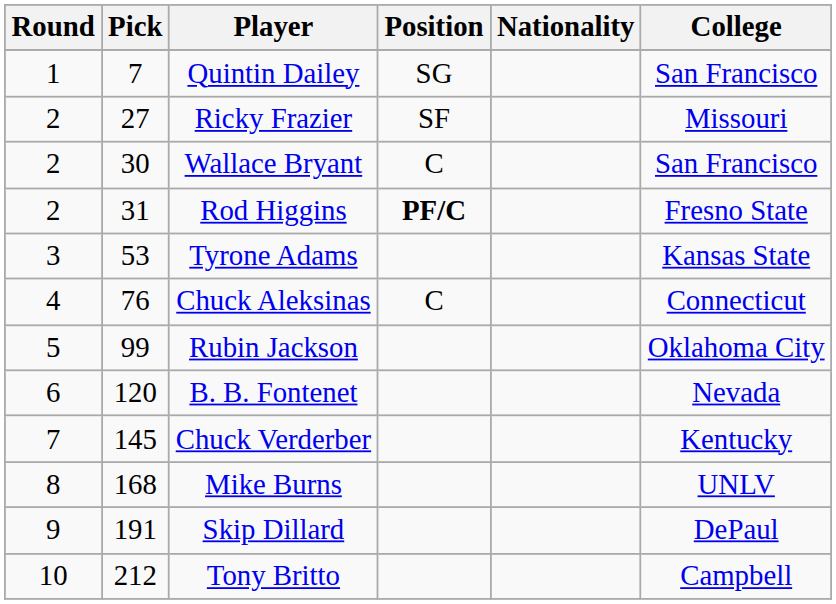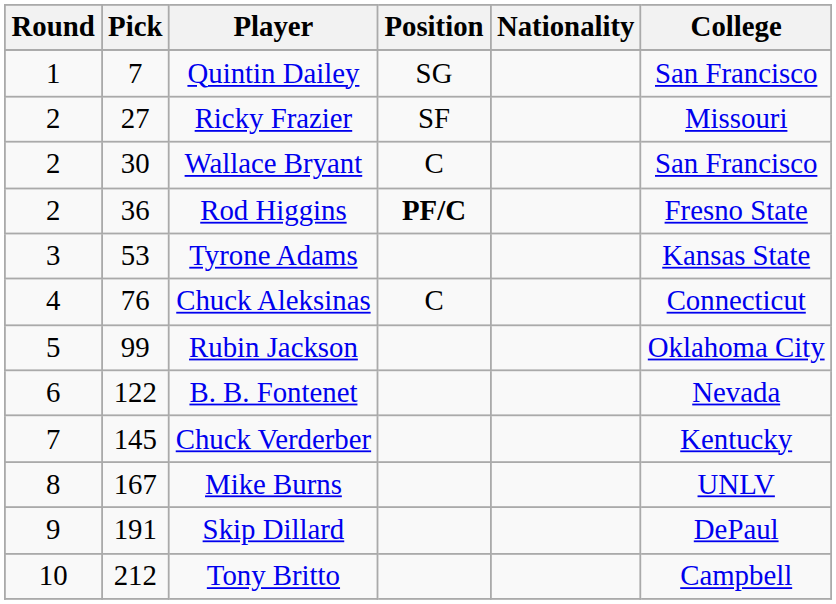 <table class="wikitable sortable sortable">
 <tr>
 <th>Round</th>
 <th>Pick</th>
 <th>Player</th>
 <th>Position</th>
 <th>Nationality</th>
 <th>College</th>
 </tr>
 <tr style="text-align: center">
 </tr>
 <tr style="text-align: center">
 <td>1</td>
 <td>7</td>
 <td><a href='#'>Quintin Dailey</a></td>
 <td>SG</td>
 <td></td>
 <td><a href='#'>San Francisco</a></td>
 </tr>
 <tr style="text-align: center">
 <td>2</td>
 <td>27</td>
 <td><a href='#'>Ricky Frazier</a></td>
 <td>SF</td>
 <td></td>
 <td><a href='#'>Missouri</a></td>
 </tr>
 <tr style="text-align: center">
 <td>2</td>
 <td>30</td>
 <td><a href='#'>Wallace Bryant</a></td>
 <td>C</td>
 <td></td>
 <td><a href='#'>San Francisco</a></td>
 </tr>
 <tr style="text-align: center">
 <td>2</td>
-<td>31</td>
+<td>36</td>
 <td><a href='#'>Rod Higgins</a></td>
 <td><strong>PF/C</strong></td>
 <td></td>
 <td><a href='#'>Fresno State</a></td>
 </tr>
 <tr style="text-align: center">
 <td>3</td>
 <td>53</td>
 <td><a href='#'>Tyrone Adams</a></td>
 <td></td>
 <td></td>
 <td><a href='#'>Kansas State</a></td>
 </tr>
 <tr style="text-align: center">
 <td>4</td>
 <td>76</td>
 <td><a href='#'>Chuck Aleksinas</a></td>
 <td>C</td>
 <td></td>
 <td><a href='#'>Connecticut</a></td>
 </tr>
 <tr style="text-align: center">
 <td>5</td>
 <td>99</td>
 <td><a href='#'>Rubin Jackson</a></td>
 <td></td>
 <td></td>
 <td><a href='#'>Oklahoma City</a></td>
 </tr>
 <tr style="text-align: center">
 <td>6</td>
-<td>120</td>
+<td>122</td>
 <td><a href='#'>B. B. Fontenet</a></td>
 <td></td>
 <td></td>
 <td><a href='#'>Nevada</a></td>
 </tr>
 <tr style="text-align: center">
 <td>7</td>
 <td>145</td>
 <td><a href='#'>Chuck Verderber</a></td>
 <td></td>
 <td></td>
 <td><a href='#'>Kentucky</a></td>
 </tr>
 <tr style="text-align: center">
 <td>8</td>
-<td>168</td>
+<td>167</td>
 <td><a href='#'>Mike Burns</a></td>
 <td></td>
 <td></td>
 <td><a href='#'>UNLV</a></td>
 </tr>
 <tr style="text-align: center">
 <td>9</td>
 <td>191</td>
 <td><a href='#'>Skip Dillard</a></td>
 <td></td>
 <td></td>
 <td><a href='#'>DePaul</a></td>
 </tr>
 <tr style="text-align: center">
 <td>10</td>
 <td>212</td>
 <td><a href='#'>Tony Britto</a></td>
 <td></td>
 <td></td>
 <td><a href='#'>Campbell</a></td>
 </tr>
 </table>
